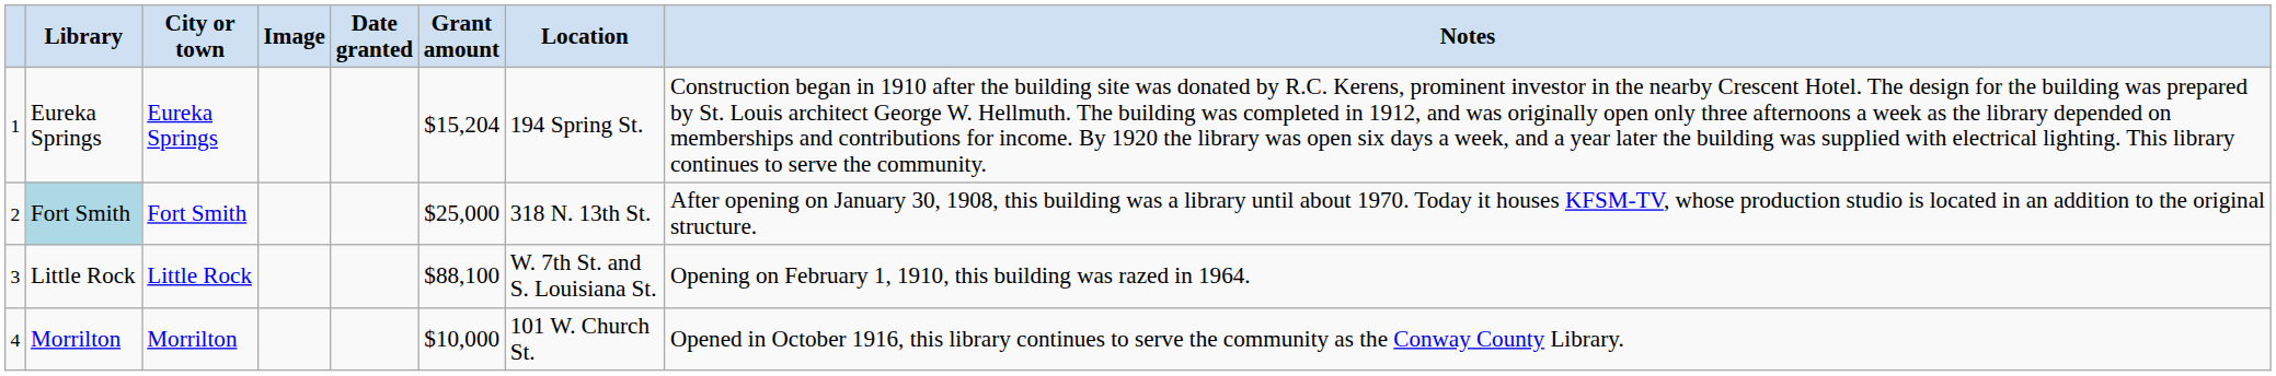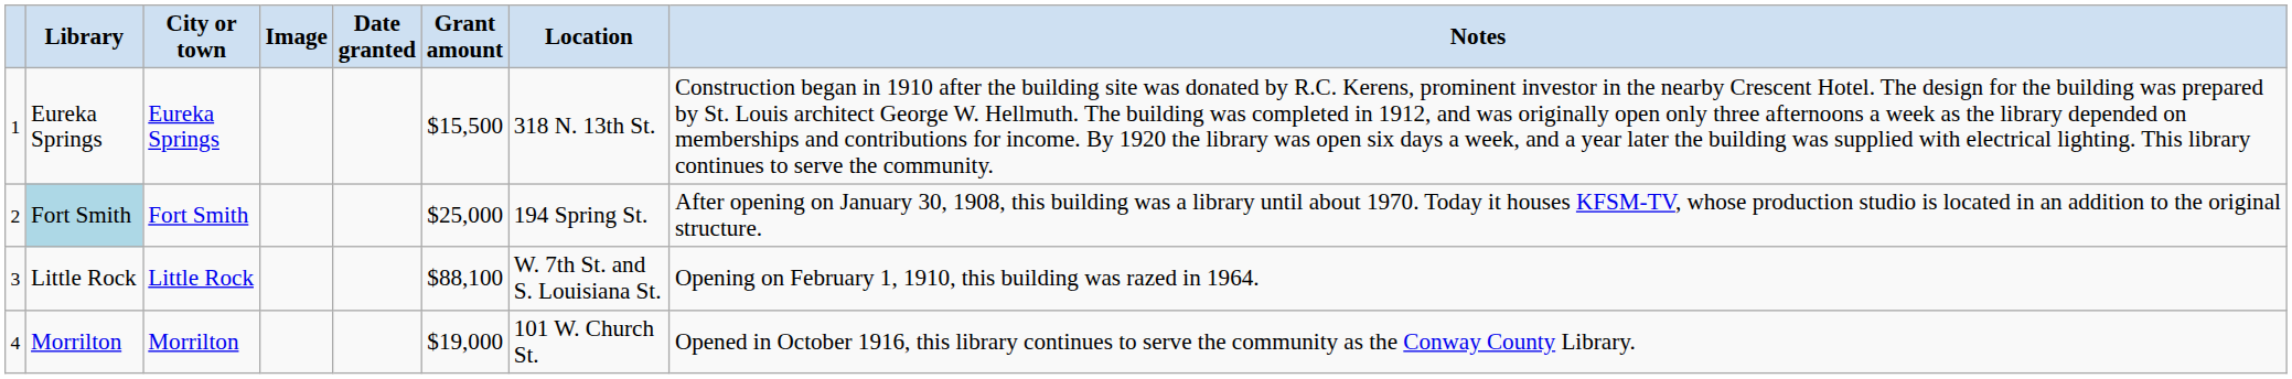 <table class="wikitable sortable" align="center">
 <tr>
 <th style="background-color:#CEE0F2;"></th>
 <th style="background-color:#CEE0F2;">Library</th>
 <th style="background-color:#CEE0F2;">City or<br>town</th>
 <th style="background-color:#CEE0F2;" class="unsortable">Image</th>
 <th style="background-color:#CEE0F2;">Date<br>granted</th>
 <th style="background-color:#CEE0F2;">Grant<br>amount</th>
 <th style="background-color:#CEE0F2;">Location</th>
 <th style="background-color:#CEE0F2;" class="unsortable">Notes</th>
 </tr>
 <tr ->
 <td align=center><small>1</small></td>
 <td>Eureka Springs</td>
 <td><a href='#'>Eureka Springs</a></td>
 <td></td>
 <td></td>
-<td align=right>$15,204</td>
-<td>194 Spring St.<br><small></small></td>
+<td align=right>$15,500</td>
+<td>318 N. 13th St.<br><small></small></td>
 <td>Construction began in 1910 after the building site was donated by R.C. Kerens, prominent investor in the nearby Crescent Hotel. The design for the building was prepared by St. Louis architect George W. Hellmuth. The building was completed in 1912, and was originally open only three afternoons a week as the library depended on memberships and contributions for income. By 1920 the library was open six days a week, and a year later the building was supplied with electrical lighting. This library continues to serve the community.</td>
 </tr>
 <tr ->
 <td align=center><small>2</small></td>
 <td style="background: lightblue;">Fort Smith</td>
 <td><a href='#'>Fort Smith</a></td>
 <td></td>
 <td></td>
 <td align=right>$25,000</td>
-<td>318 N. 13th St.<br><small></small></td>
+<td>194 Spring St.<br><small></small></td>
 <td>After opening on January 30, 1908, this building was a library until about 1970. Today it houses <a href='#'>KFSM-TV</a>, whose production studio is located in an addition to the original structure.</td>
 </tr>
 <tr ->
 <td align=center><small>3</small></td>
 <td>Little Rock</td>
 <td><a href='#'>Little Rock</a></td>
 <td></td>
 <td></td>
 <td align=right>$88,100</td>
 <td>W. 7th St. and S. Louisiana St.<br><small></small></td>
 <td>Opening on February 1, 1910, this building was razed in 1964.</td>
 </tr>
 <tr ->
 <td><small>4</small></td>
 <td><a href='#'>Morrilton</a></td>
 <td><a href='#'>Morrilton</a></td>
 <td></td>
 <td></td>
-<td align=right>$10,000</td>
+<td align=right>$19,000</td>
 <td>101 W. Church St.<br><small></small></td>
 <td>Opened in October 1916, this library continues to serve the community as the <a href='#'>Conway County</a> Library.</td>
 </tr>
 </table>
